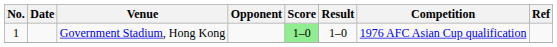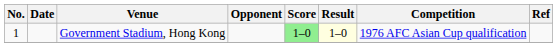 <table class="wikitable sortable">
 <tr>
 <th scope="col">No.</th>
 <th scope="col">Date</th>
 <th scope="col">Venue</th>
 <th scope="col">Opponent</th>
 <th scope="col">Score</th>
 <th scope="col">Result</th>
 <th scope="col">Competition</th>
 <th>Ref</th>
 </tr>
 <tr>
 <td align="center">1</td>
 <td></td>
 <td><a href='#'>Government Stadium</a>, Hong Kong</td>
 <td></td>
 <td align="center" style="background: lightgreen;">1–0</td>
-<td align="center">1–0</td>
+<td align="center" style="background: lightyellow;">1–0</td>
 <td><a href='#'>1976 AFC Asian Cup qualification</a></td>
 <td></td>
 </tr>
 <tr>
 </tr>
 </table>
